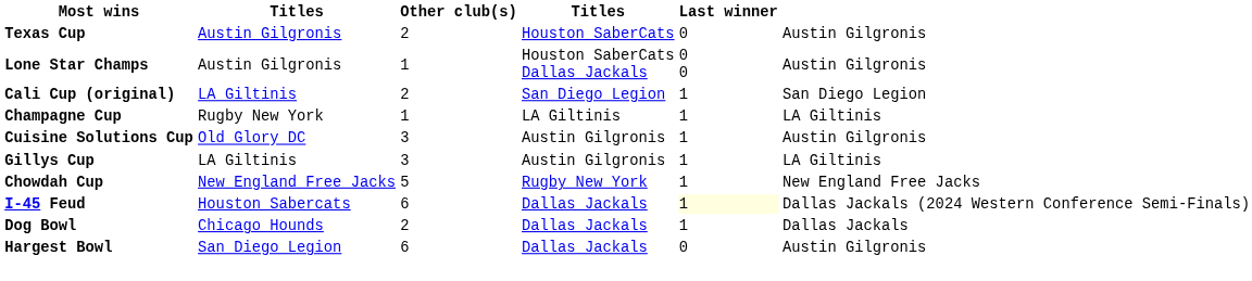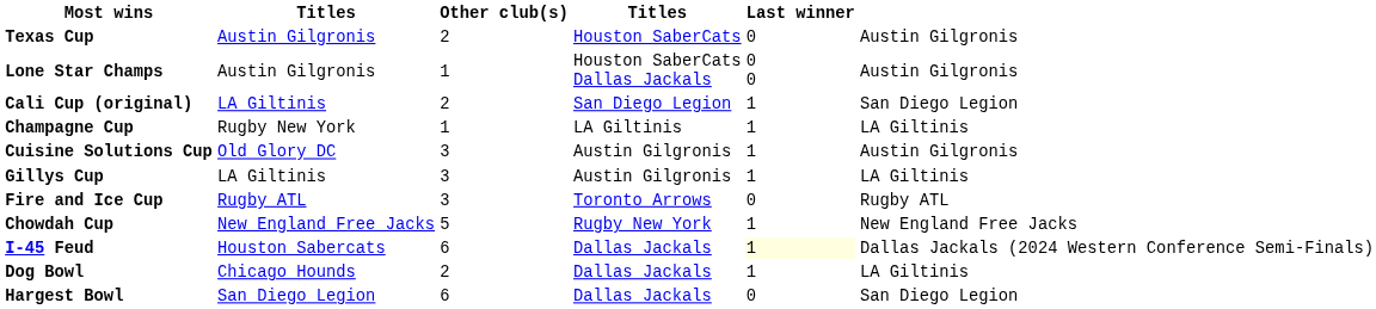 <table class="wikiFame">
 <tr>
 <th>Most wins</th>
 <th>Titles</th>
 <th>Other club(s)</th>
 <th>Titles</th>
 <th>Last winner</th>
 </tr>
 <tr>
 <td><strong>Texas Cup</strong></td>
 <td><a href='#'>Austin Gilgronis</a></td>
 <td>2</td>
 <td><a href='#'>Houston SaberCats</a></td>
 <td>0</td>
 <td>Austin Gilgronis</td>
 </tr>
 <tr>
 <td><strong>Lone Star Champs</strong></td>
 <td>Austin Gilgronis</td>
 <td>1</td>
 <td>Houston SaberCats <br> <a href='#'>Dallas Jackals</a></td>
 <td>0<br>0</td>
 <td>Austin Gilgronis</td>
 </tr>
 <tr>
 <td><strong>Cali Cup (original)</strong></td>
 <td><a href='#'>LA Giltinis</a></td>
 <td>2</td>
 <td><a href='#'>San Diego Legion</a></td>
 <td>1</td>
 <td>San Diego Legion</td>
 </tr>
 <tr>
 <td><strong>Champagne Cup</strong></td>
 <td>Rugby New York</td>
 <td>1</td>
 <td>LA Giltinis</td>
 <td>1</td>
 <td>LA Giltinis</td>
 </tr>
 <tr>
 <td><strong>Cuisine Solutions Cup</strong></td>
 <td><a href='#'>Old Glory DC</a></td>
 <td>3</td>
 <td>Austin Gilgronis</td>
 <td>1</td>
 <td>Austin Gilgronis</td>
 </tr>
 <tr>
 <td><strong>Gillys Cup</strong></td>
 <td>LA Giltinis</td>
 <td>3</td>
 <td>Austin Gilgronis</td>
 <td>1</td>
 <td>LA Giltinis</td>
 </tr>
 <tr>
+<td><strong>Fire and Ice Cup</strong></td>
+<td><a href='#'>Rugby ATL</a></td>
+<td>3</td>
+<td><a href='#'>Toronto Arrows</a></td>
+<td>0</td>
+<td>Rugby ATL</td>
+</tr>
+<tr>
 <td><strong>Chowdah Cup</strong></td>
 <td><a href='#'>New England Free Jacks</a></td>
 <td>5</td>
 <td><a href='#'>Rugby New York</a></td>
 <td>1</td>
 <td>New England Free Jacks</td>
 </tr>
 <tr>
 <td><strong><a href='#'>I-45</a> Feud</strong></td>
 <td><a href='#'>Houston Sabercats</a></td>
 <td>6</td>
 <td><a href='#'>Dallas Jackals</a></td>
 <td style="background: lightyellow;">1</td>
 <td>Dallas Jackals (2024 Western Conference Semi-Finals)</td>
 </tr>
 <tr>
 <td><strong>Dog Bowl</strong></td>
 <td><a href='#'>Chicago Hounds</a></td>
 <td>2</td>
 <td><a href='#'>Dallas Jackals</a></td>
 <td>1</td>
-<td>Dallas Jackals</td>
+<td>LA Giltinis</td>
 </tr>
 <tr>
 <td><strong>Hargest Bowl</strong></td>
 <td><a href='#'>San Diego Legion</a></td>
 <td>6</td>
 <td><a href='#'>Dallas Jackals</a></td>
 <td>0</td>
-<td>Austin Gilgronis</td>
+<td>San Diego Legion</td>
 </tr>
 <tr>
 </tr>
 </table>
